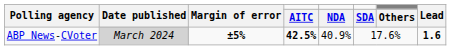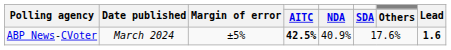 <table class="wikitable sortable" style="text-align:center;font-size:95%;line-height:16px">
 <tr>
 <th rowspan="2">Polling agency</th>
 <th rowspan="2">Date published</th>
 <th rowspan="2">Margin of error</th>
 <td></td>
 <td></td>
 <td></td>
 <td colspan="1" bgcolor="grey"></td>
 <th rowspan="2">Lead</th>
 </tr>
 <tr>
 <th rowspan="1"><a href='#'>AITC</a></th>
 <th rowspan="1"><a href='#'>NDA</a></th>
 <th rowspan="1"><a href='#'>SDA</a></th>
 <th rowspan="1">Others</th>
 </tr>
 <tr>
 <td><a href='#'>ABP News</a>-<a href='#'>CVoter</a></td>
-<td style="background: lightgrey;"><em>March 2024</em></td>
-<td><strong>±5%</strong></td>
+<td><em>March 2024</em></td>
+<td>±5%</td>
 <td><strong>42.5%</strong></td>
 <td>40.9%</td>
 <td colspan="2">17.6%</td>
 <td><strong>1.6</strong></td>
 </tr>
 </table>
